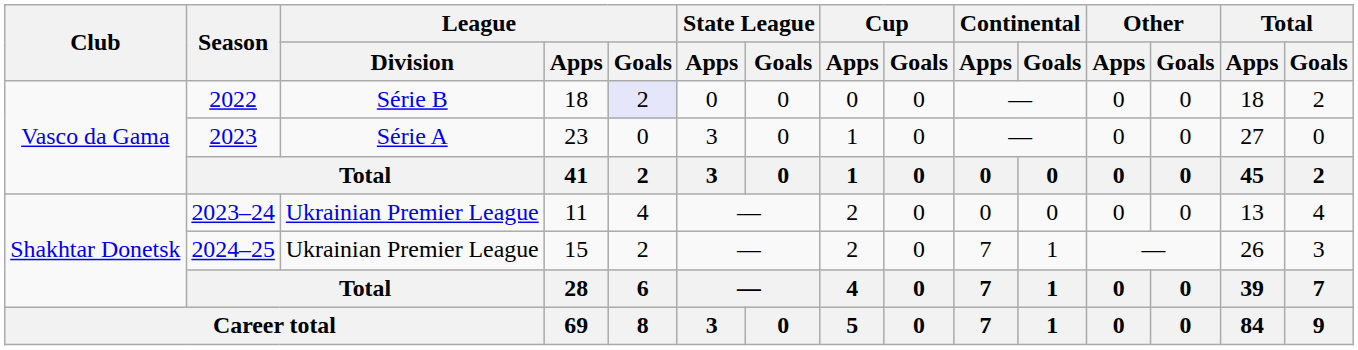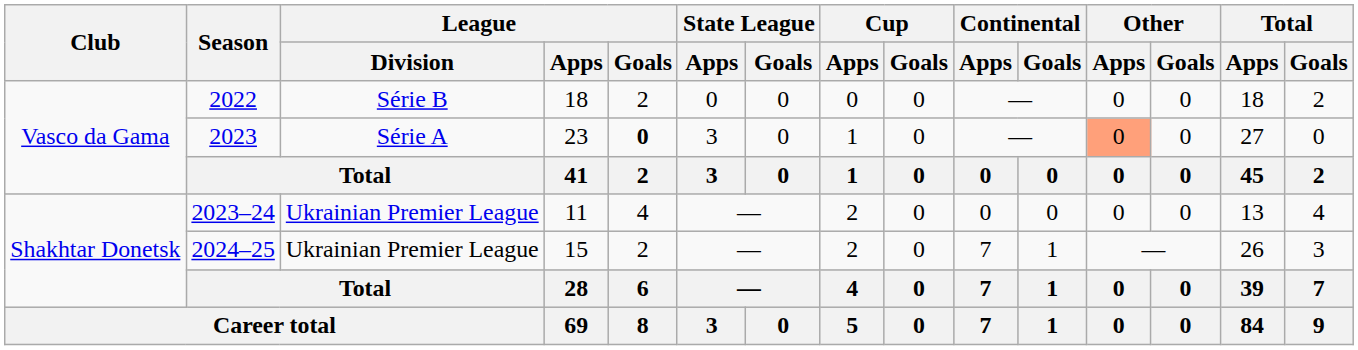 <table class="wikitable" style="text-align: center;">
 <tr>
 <th rowspan="2">Club</th>
 <th rowspan="2">Season</th>
 <th colspan="3">League</th>
 <th colspan="2">State League</th>
 <th colspan="2">Cup</th>
 <th colspan="2">Continental</th>
 <th colspan="2">Other</th>
 <th colspan="2">Total</th>
 </tr>
 <tr>
 <th>Division</th>
 <th>Apps</th>
 <th>Goals</th>
 <th>Apps</th>
 <th>Goals</th>
 <th>Apps</th>
 <th>Goals</th>
 <th>Apps</th>
 <th>Goals</th>
 <th>Apps</th>
 <th>Goals</th>
 <th>Apps</th>
 <th>Goals</th>
 </tr>
 <tr>
 <td rowspan=3><a href='#'>Vasco da Gama</a></td>
 <td><a href='#'>2022</a></td>
 <td><a href='#'>Série B</a></td>
 <td>18</td>
-<td style="background: lavender;">2</td>
+<td>2</td>
 <td>0</td>
 <td>0</td>
 <td>0</td>
 <td>0</td>
 <td colspan="2">—</td>
 <td>0</td>
 <td>0</td>
 <td>18</td>
 <td>2</td>
 </tr>
 <tr>
 <td><a href='#'>2023</a></td>
 <td><a href='#'>Série A</a></td>
 <td>23</td>
-<td>0</td>
+<td><strong>0</strong></td>
 <td>3</td>
 <td>0</td>
 <td>1</td>
 <td>0</td>
 <td colspan="2">—</td>
-<td>0</td>
+<td style="background: lightsalmon;">0</td>
 <td>0</td>
 <td>27</td>
 <td>0</td>
 </tr>
 <tr>
 <th colspan="2"><strong>Total</strong></th>
 <th>41</th>
 <th>2</th>
 <th>3</th>
 <th>0</th>
 <th>1</th>
 <th>0</th>
 <th>0</th>
 <th>0</th>
 <th>0</th>
 <th>0</th>
 <th>45</th>
 <th>2</th>
 </tr>
 <tr>
 <td rowspan=3><a href='#'>Shakhtar Donetsk</a></td>
 <td><a href='#'>2023–24</a></td>
 <td><a href='#'>Ukrainian Premier League</a></td>
 <td>11</td>
 <td>4</td>
 <td colspan="2">—</td>
 <td>2</td>
 <td>0</td>
 <td>0</td>
 <td>0</td>
 <td>0</td>
 <td>0</td>
 <td>13</td>
 <td>4</td>
 </tr>
 <tr>
 <td><a href='#'>2024–25</a></td>
 <td>Ukrainian Premier League</td>
 <td>15</td>
 <td>2</td>
 <td colspan="2">—</td>
 <td>2</td>
 <td>0</td>
 <td>7</td>
 <td>1</td>
 <td colspan="2">—</td>
 <td>26</td>
 <td>3</td>
 </tr>
 <tr>
 <th colspan="2">Total</th>
 <th>28</th>
 <th>6</th>
 <th colspan="2">—</th>
 <th>4</th>
 <th>0</th>
 <th>7</th>
 <th>1</th>
 <th>0</th>
 <th>0</th>
 <th>39</th>
 <th>7</th>
 </tr>
 <tr>
 <th colspan="3"><strong>Career total</strong></th>
 <th>69</th>
 <th>8</th>
 <th>3</th>
 <th>0</th>
 <th>5</th>
 <th>0</th>
 <th>7</th>
 <th>1</th>
 <th>0</th>
 <th>0</th>
 <th>84</th>
 <th>9</th>
 </tr>
 </table>
